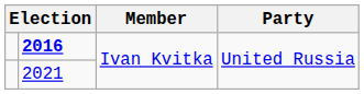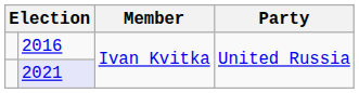 <table class="wikitable">
 <tr>
 <th colspan="2">Election</th>
 <th>Member</th>
 <th>Party</th>
 </tr>
 <tr>
 <td style="background-color: "></td>
-<td><strong><a href='#'>2016</a></strong></td>
+<td><a href='#'>2016</a></td>
 <td rowspan=2><a href='#'>Ivan Kvitka</a></td>
 <td rowspan=2><a href='#'>United Russia</a></td>
 </tr>
 <tr>
 <td style="background-color: "></td>
-<td><a href='#'>2021</a></td>
+<td style="background: lavender;"><a href='#'>2021</a></td>
 </tr>
 </table>
